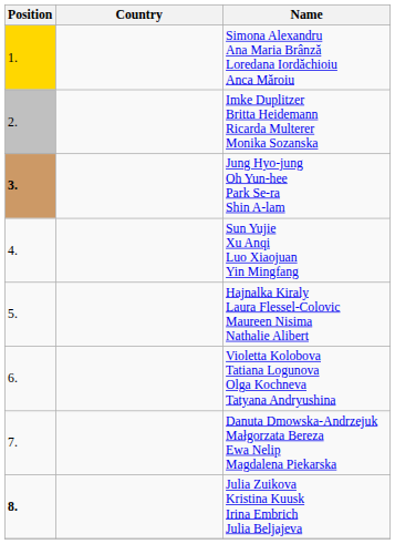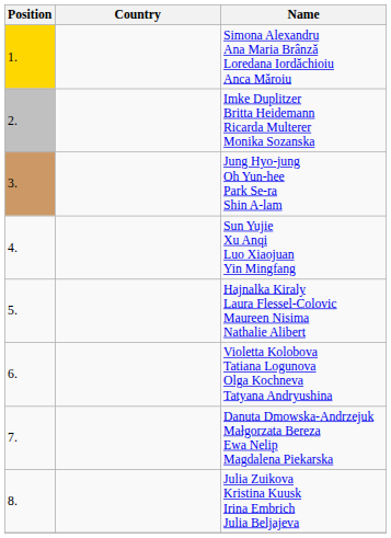 <table class="wikitable">
 <tr>
 <th width="10">Position</th>
 <th width="200">Country</th>
 <th width="200">Name</th>
 </tr>
 <tr>
 <td bgcolor="gold">1.</td>
 <td></td>
 <td><a href='#'>Simona Alexandru</a><br><a href='#'>Ana Maria Brânză</a><br><a href='#'>Loredana Iordăchioiu</a><br><a href='#'>Anca Măroiu</a></td>
 </tr>
 <tr>
 <td bgcolor="silver">2.</td>
 <td></td>
 <td><a href='#'>Imke Duplitzer</a><br><a href='#'>Britta Heidemann</a><br><a href='#'>Ricarda Multerer</a><br><a href='#'>Monika Sozanska</a></td>
 </tr>
 <tr>
-<td bgcolor="#CC9966"><strong>3.</strong></td>
+<td bgcolor="#CC9966">3.</td>
 <td></td>
 <td><a href='#'>Jung Hyo-jung</a><br><a href='#'>Oh Yun-hee</a><br><a href='#'>Park Se-ra</a><br><a href='#'>Shin A-lam</a></td>
 </tr>
 <tr>
 <td>4.</td>
 <td></td>
 <td><a href='#'>Sun Yujie</a><br><a href='#'>Xu Anqi</a><br><a href='#'>Luo Xiaojuan</a><br><a href='#'>Yin Mingfang</a></td>
 </tr>
 <tr>
 <td>5.</td>
 <td></td>
 <td><a href='#'>Hajnalka Kiraly</a><br><a href='#'>Laura Flessel-Colovic</a><br><a href='#'>Maureen Nisima</a><br><a href='#'>Nathalie Alibert</a></td>
 </tr>
 <tr>
 <td>6.</td>
 <td></td>
 <td><a href='#'>Violetta Kolobova</a><br><a href='#'>Tatiana Logunova</a><br><a href='#'>Olga Kochneva</a><br><a href='#'>Tatyana Andryushina</a></td>
 </tr>
 <tr>
 <td>7.</td>
 <td></td>
 <td><a href='#'>Danuta Dmowska-Andrzejuk</a><br><a href='#'>Małgorzata Bereza</a><br><a href='#'>Ewa Nelip</a><br><a href='#'>Magdalena Piekarska</a></td>
 </tr>
 <tr>
-<td><strong>8.</strong></td>
+<td>8.</td>
 <td></td>
 <td><a href='#'>Julia Zuikova</a><br><a href='#'>Kristina Kuusk</a><br><a href='#'>Irina Embrich</a><br><a href='#'>Julia Beljajeva</a></td>
 </tr>
 <tr>
 </tr>
 </table>
